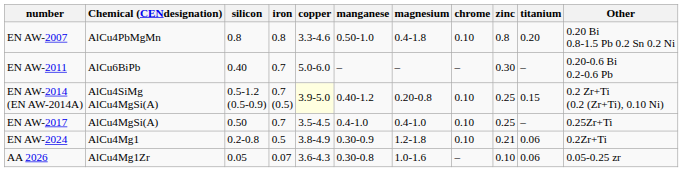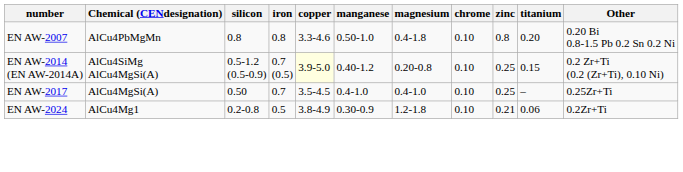 <table class="wikitable">
 <tr>
 <th>number</th>
 <th>Chemical (<a href='#'>CEN</a>designation)</th>
 <th>silicon</th>
 <th>iron</th>
 <th>copper</th>
 <th>manganese</th>
 <th>magnesium</th>
 <th>chrome</th>
 <th>zinc</th>
 <th>titanium</th>
 <th>Other</th>
 </tr>
 <tr>
 <td>EN AW-<a href='#'>2007</a></td>
 <td>AlCu4PbMgMn</td>
 <td>0.8</td>
 <td>0.8</td>
 <td>3.3-4.6</td>
 <td>0.50-1.0</td>
 <td>0.4-1.8</td>
 <td>0.10</td>
 <td>0.8</td>
 <td>0.20</td>
 <td>0.20 Bi<br>0.8-1.5 Pb 0.2 Sn 0.2 Ni</td>
-</tr>
-<tr>
-<td>EN AW-<a href='#'>2011</a></td>
-<td>AlCu6BiPb</td>
-<td>0.40</td>
-<td>0.7</td>
-<td>5.0-6.0</td>
-<td>–</td>
-<td>–</td>
-<td>–</td>
-<td>0.30</td>
-<td>–</td>
-<td>0.20-0.6 Bi<br>0.2-0.6 Pb</td>
 </tr>
 <tr>
 <td>EN AW-<a href='#'>2014</a><br>(EN AW-2014A)</td>
 <td>AlCu4SiMg<br>AlCu4MgSi(A)</td>
 <td>0.5-1.2<br>(0.5-0.9)</td>
 <td>0.7<br>(0.5)</td>
 <td style="background: lightyellow;">3.9-5.0</td>
 <td>0.40-1.2</td>
 <td>0.20-0.8</td>
 <td>0.10</td>
 <td>0.25</td>
 <td>0.15</td>
 <td>0.2 Zr+Ti<br>(0.2 (Zr+Ti), 0.10 Ni)</td>
 </tr>
 <tr>
 <td>EN AW-<a href='#'>2017</a></td>
 <td>AlCu4MgSi(A)</td>
 <td>0.50</td>
 <td>0.7</td>
 <td>3.5-4.5</td>
 <td>0.4-1.0</td>
 <td>0.4-1.0</td>
 <td>0.10</td>
 <td>0.25</td>
 <td>–</td>
 <td>0.25Zr+Ti</td>
 </tr>
 <tr>
 <td>EN AW-<a href='#'>2024</a></td>
 <td>AlCu4Mg1</td>
 <td>0.2-0.8</td>
 <td>0.5</td>
 <td>3.8-4.9</td>
 <td>0.30-0.9</td>
 <td>1.2-1.8</td>
 <td>0.10</td>
 <td>0.21</td>
 <td>0.06</td>
 <td>0.2Zr+Ti</td>
 </tr>
-<tr>
-<td>AA <a href='#'>2026</a></td>
-<td>AlCu4Mg1Zr</td>
-<td>0.05</td>
-<td>0.07</td>
-<td>3.6-4.3</td>
-<td>0.30-0.8</td>
-<td>1.0-1.6</td>
-<td>–</td>
-<td>0.10</td>
-<td>0.06</td>
-<td>0.05-0.25 zr</td>
-</tr>
 </table>
